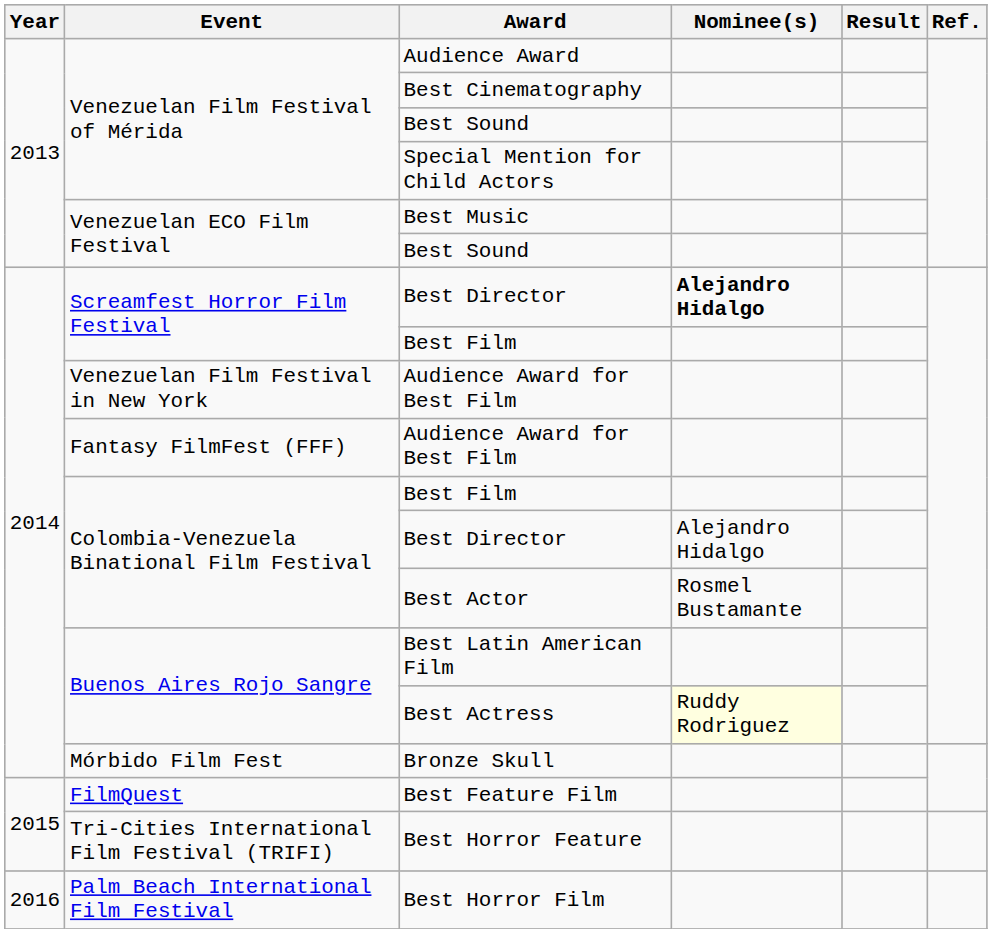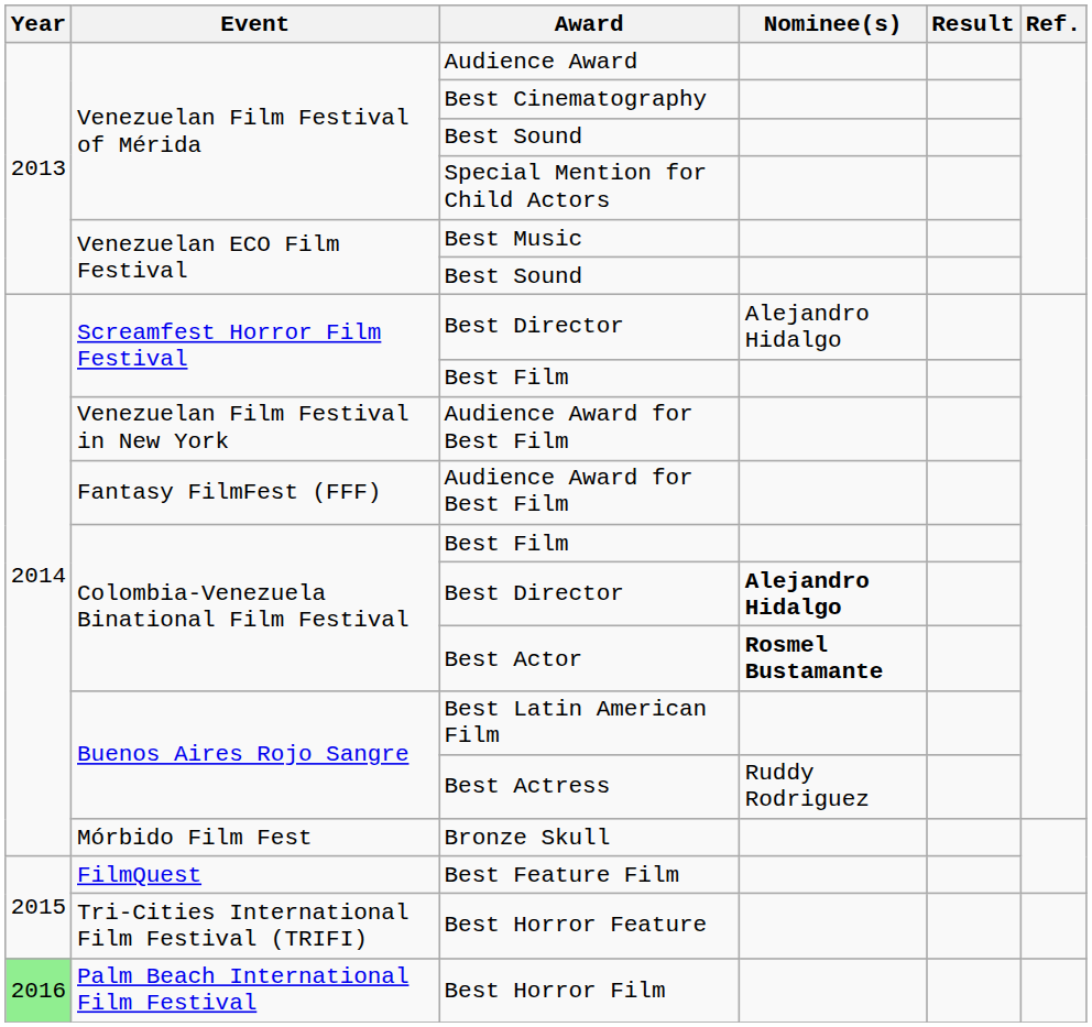 <table class="wikitable">
 <tr>
 <th>Year</th>
 <th>Event</th>
 <th>Award</th>
 <th>Nominee(s)</th>
 <th>Result</th>
 <th>Ref.</th>
 </tr>
 <tr>
 <td rowspan="6">2013</td>
 <td rowspan="4">Venezuelan Film Festival of Mérida</td>
 <td>Audience Award</td>
 <td></td>
 <td></td>
 <td rowspan="6"></td>
 </tr>
 <tr>
 <td>Best Cinematography</td>
 <td></td>
 <td></td>
 </tr>
 <tr>
 <td>Best Sound</td>
 <td></td>
 <td></td>
 </tr>
 <tr>
 <td>Special Mention for Child Actors</td>
 <td></td>
 <td></td>
 </tr>
 <tr>
 <td rowspan="2">Venezuelan ECO Film Festival</td>
 <td>Best Music</td>
 <td></td>
 <td></td>
 </tr>
 <tr>
 <td>Best Sound</td>
 <td></td>
 <td></td>
 </tr>
 <tr>
 <td rowspan="10">2014</td>
 <td rowspan="2"><a href='#'>Screamfest Horror Film Festival</a></td>
 <td>Best Director</td>
-<td><strong>Alejandro Hidalgo</strong></td>
+<td>Alejandro Hidalgo</td>
 <td></td>
 <td rowspan="9"></td>
 </tr>
 <tr>
 <td>Best Film</td>
 <td></td>
 <td></td>
 </tr>
 <tr>
 <td>Venezuelan Film Festival in New York</td>
 <td>Audience Award for Best Film</td>
 <td></td>
 <td></td>
 </tr>
 <tr>
 <td>Fantasy FilmFest (FFF)</td>
 <td>Audience Award for Best Film</td>
 <td></td>
 <td></td>
 </tr>
 <tr>
 <td rowspan="3">Colombia-Venezuela Binational Film Festival</td>
 <td>Best Film</td>
 <td></td>
 <td></td>
 </tr>
 <tr>
 <td>Best Director</td>
-<td>Alejandro Hidalgo</td>
+<td><strong>Alejandro Hidalgo</strong></td>
 <td></td>
 </tr>
 <tr>
 <td>Best Actor</td>
-<td>Rosmel Bustamante</td>
+<td><strong>Rosmel Bustamante</strong></td>
 <td></td>
 </tr>
 <tr>
 <td rowspan="2"><a href='#'>Buenos Aires Rojo Sangre</a></td>
 <td>Best Latin American Film</td>
 <td></td>
 <td></td>
 </tr>
 <tr>
 <td>Best Actress</td>
-<td style="background: lightyellow;">Ruddy Rodriguez</td>
+<td>Ruddy Rodriguez</td>
 <td></td>
 </tr>
 <tr>
 <td>Mórbido Film Fest</td>
 <td>Bronze Skull</td>
 <td></td>
 <td></td>
 <td rowspan="2"></td>
 </tr>
 <tr>
 <td rowspan="2">2015</td>
 <td><a href='#'>FilmQuest</a></td>
 <td>Best Feature Film</td>
 <td></td>
 <td></td>
 </tr>
 <tr>
 <td>Tri-Cities International Film Festival (TRIFI)</td>
 <td>Best Horror Feature</td>
 <td></td>
 <td></td>
 <td></td>
 </tr>
 <tr>
-<td>2016</td>
+<td style="background: lightgreen;">2016</td>
 <td><a href='#'>Palm Beach International Film Festival</a></td>
 <td>Best Horror Film</td>
 <td></td>
 <td></td>
 <td></td>
 </tr>
 </table>
